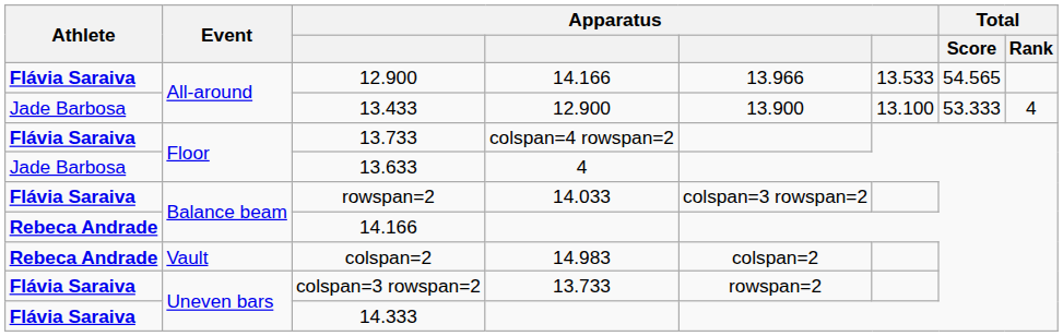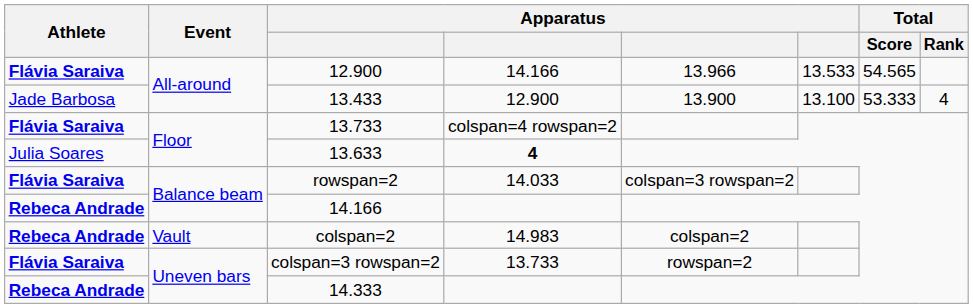 <table class=wikitable style=font-size:90%;text-align:center>
 <tr>
 <th rowspan=2>Athlete</th>
 <th rowspan=2>Event</th>
 <th colspan=4>Apparatus</th>
 <th colspan=2>Total</th>
 </tr>
 <tr style=font-size:95%>
 <th></th>
 <th></th>
 <th></th>
 <th></th>
 <th>Score</th>
 <th>Rank</th>
 </tr>
 <tr>
 <td align=left><strong><a href='#'>Flávia Saraiva</a></strong></td>
 <td align=left rowspan=2><a href='#'>All-around</a></td>
 <td>12.900</td>
 <td>14.166</td>
 <td>13.966</td>
 <td>13.533</td>
 <td>54.565</td>
 <td></td>
 </tr>
 <tr>
 <td align=left><a href='#'>Jade Barbosa</a></td>
 <td>13.433</td>
 <td>12.900</td>
 <td>13.900</td>
 <td>13.100</td>
 <td>53.333</td>
 <td>4</td>
 </tr>
 <tr>
 <td align=left><strong><a href='#'>Flávia Saraiva</a></strong></td>
 <td align=left rowspan=2><a href='#'>Floor</a></td>
 <td>13.733</td>
 <td>colspan=4 rowspan=2 </td>
 <td></td>
 </tr>
 <tr>
-<td align=left><a href='#'>Jade Barbosa</a></td>
+<td align=left><a href='#'>Julia Soares</a></td>
 <td>13.633</td>
-<td>4</td>
+<td><strong>4</strong></td>
 </tr>
 <tr>
 <td align=left><strong><a href='#'>Flávia Saraiva</a></strong></td>
 <td align=left rowspan=2><a href='#'>Balance beam</a></td>
 <td>rowspan=2 </td>
 <td>14.033</td>
 <td>colspan=3 rowspan=2 </td>
 <td></td>
 </tr>
 <tr>
 <td align=left><strong><a href='#'>Rebeca Andrade</a></strong></td>
 <td>14.166</td>
 <td></td>
 </tr>
 <tr>
 <td align=left><strong><a href='#'>Rebeca Andrade</a></strong></td>
 <td align=left><a href='#'>Vault</a></td>
 <td>colspan=2 </td>
 <td>14.983</td>
 <td>colspan=2 </td>
 <td></td>
 </tr>
 <tr>
 <td align=left><strong><a href='#'>Flávia Saraiva</a></strong></td>
 <td align=left rowspan=2><a href='#'>Uneven bars</a></td>
 <td>colspan=3 rowspan=2 </td>
 <td>13.733</td>
 <td>rowspan=2 </td>
 <td></td>
 </tr>
 <tr>
-<td align=left><strong><a href='#'>Flávia Saraiva</a></strong></td>
+<td align=left><strong><a href='#'>Rebeca Andrade</a></strong></td>
 <td>14.333</td>
 <td></td>
 </tr>
 </table>
